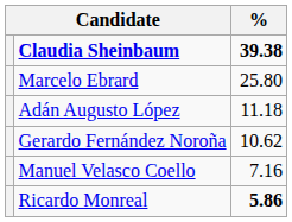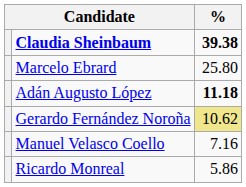 <table class="wikitable" style="font-size:100%">
 <tr>
 <th colspan="2" style="width: 170px">Candidate</th>
 <th style="width: 40px">%</th>
 </tr>
 <tr>
 <th style="background-color: "></th>
 <td><strong><a href='#'>Claudia Sheinbaum</a></strong></td>
 <td align="right"><strong>39.38</strong></td>
 </tr>
 <tr>
 <th style="background-color: "></th>
 <td><a href='#'>Marcelo Ebrard</a></td>
 <td align="right">25.80</td>
 </tr>
 <tr>
 <th style="background-color: "></th>
 <td><a href='#'>Adán Augusto López</a></td>
-<td align="right">11.18</td>
+<td align="right"><strong>11.18</strong></td>
 </tr>
 <tr>
 <th style="background-color: "></th>
 <td><a href='#'>Gerardo Fernández Noroña</a></td>
-<td align="right">10.62</td>
+<td align="right" style="background: khaki;">10.62</td>
 </tr>
 <tr>
 <th style="background-color: "></th>
 <td><a href='#'>Manuel Velasco Coello</a></td>
 <td align="right">7.16</td>
 </tr>
 <tr>
 <th style="background-color: "></th>
 <td><a href='#'>Ricardo Monreal</a></td>
-<td align="right"><strong>5.86</strong></td>
+<td align="right">5.86</td>
 </tr>
 </table>
